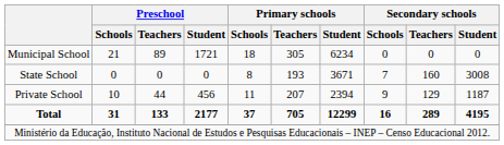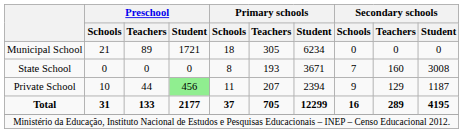 <table class="wikitable" style="text-align:center; font-size: 9pt">
 <tr>
 <th rowspan="2"></th>
 <th colspan="3"><a href='#'>Preschool</a></th>
 <th colspan="3">Primary schools</th>
 <th colspan="3">Secondary schools</th>
 </tr>
 <tr>
 <th width="30">Schools</th>
 <th width="30">Teachers</th>
 <th width="30">Student</th>
 <th width="30">Schools</th>
 <th width="30">Teachers</th>
 <th width="30">Student</th>
 <th width="30">Schools</th>
 <th width="30">Teachers</th>
 <th width="30">Student</th>
 </tr>
 <tr>
 <td align="center">Municipal School</td>
 <td align="center">21</td>
 <td align="center">89</td>
 <td align="center">1721</td>
 <td align="center">18</td>
 <td align="center">305</td>
 <td align="center">6234</td>
 <td align="center">0</td>
 <td align="center">0</td>
 <td align="center">0</td>
 </tr>
 <tr>
 <td>State School</td>
 <td align="center">0</td>
 <td align="center">0</td>
 <td align="center">0</td>
 <td align="center">8</td>
 <td align="center">193</td>
 <td align="center">3671</td>
 <td align="center">7</td>
 <td align="center">160</td>
 <td align="center">3008</td>
 </tr>
 <tr>
 <td>Private School</td>
 <td align="center">10</td>
 <td align="center">44</td>
-<td align="center">456</td>
+<td align="center" style="background: lightgreen;">456</td>
 <td align="center">11</td>
 <td align="center">207</td>
 <td align="center">2394</td>
 <td align="center">9</td>
 <td align="center">129</td>
 <td align="center">1187</td>
 </tr>
 <tr>
 <td><strong>Total</strong></td>
 <td align="center"><strong>31</strong></td>
 <td align="center"><strong>133</strong></td>
 <td align="center"><strong>2177</strong></td>
 <td align="center"><strong>37</strong></td>
 <td align="center"><strong>705</strong></td>
 <td align="center"><strong>12299</strong></td>
 <td align="center"><strong>16</strong></td>
 <td align="center"><strong>289</strong></td>
 <td align="center"><strong>4195</strong></td>
 </tr>
 <tr>
 </tr>
 <tr>
 <td align="center" colspan="30" style="font-size: 8pt">Ministério da Educação, Instituto Nacional de Estudos e Pesquisas Educacionais – INEP – Censo Educacional 2012.</td>
 </tr>
 </table>
